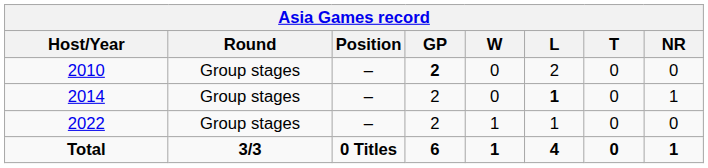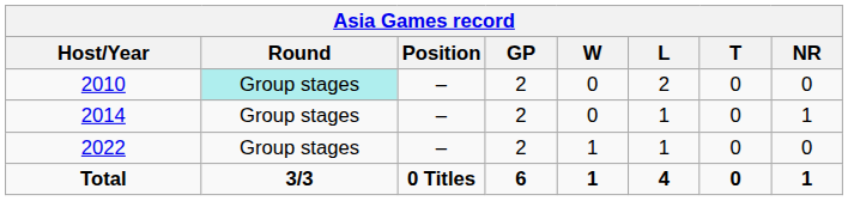 <table class="wikitable" style="text-align: center;">
 <tr>
 <th colspan=8><a href='#'>Asia Games record</a></th>
 </tr>
 <tr>
 <th width=150>Host/Year</th>
 <th width=150>Round</th>
 <th width=50>Position</th>
 <th width=50>GP</th>
 <th width=50>W</th>
 <th width=50>L</th>
 <th width=50>T</th>
 <th width=50>NR</th>
 </tr>
 <tr>
 <td> <a href='#'>2010</a></td>
-<td>Group stages</td>
+<td style="background: paleturquoise;">Group stages</td>
 <td>–</td>
-<td><strong>2</strong></td>
+<td>2</td>
 <td>0</td>
 <td>2</td>
 <td>0</td>
 <td>0</td>
 </tr>
 <tr>
 <td> <a href='#'>2014</a></td>
 <td>Group stages</td>
 <td>–</td>
 <td>2</td>
 <td>0</td>
-<td><strong>1</strong></td>
+<td>1</td>
 <td>0</td>
 <td>1</td>
 </tr>
 <tr>
 <td> <a href='#'>2022</a></td>
 <td>Group stages</td>
 <td>–</td>
 <td>2</td>
 <td>1</td>
 <td>1</td>
 <td>0</td>
 <td>0</td>
 </tr>
 <tr>
 <td><strong>Total</strong></td>
 <td><strong>3/3</strong></td>
 <td><strong>0 Titles</strong></td>
 <td><strong>6</strong></td>
 <td><strong>1</strong></td>
 <td><strong>4</strong></td>
 <td><strong>0</strong></td>
 <td><strong>1</strong></td>
 </tr>
 </table>
